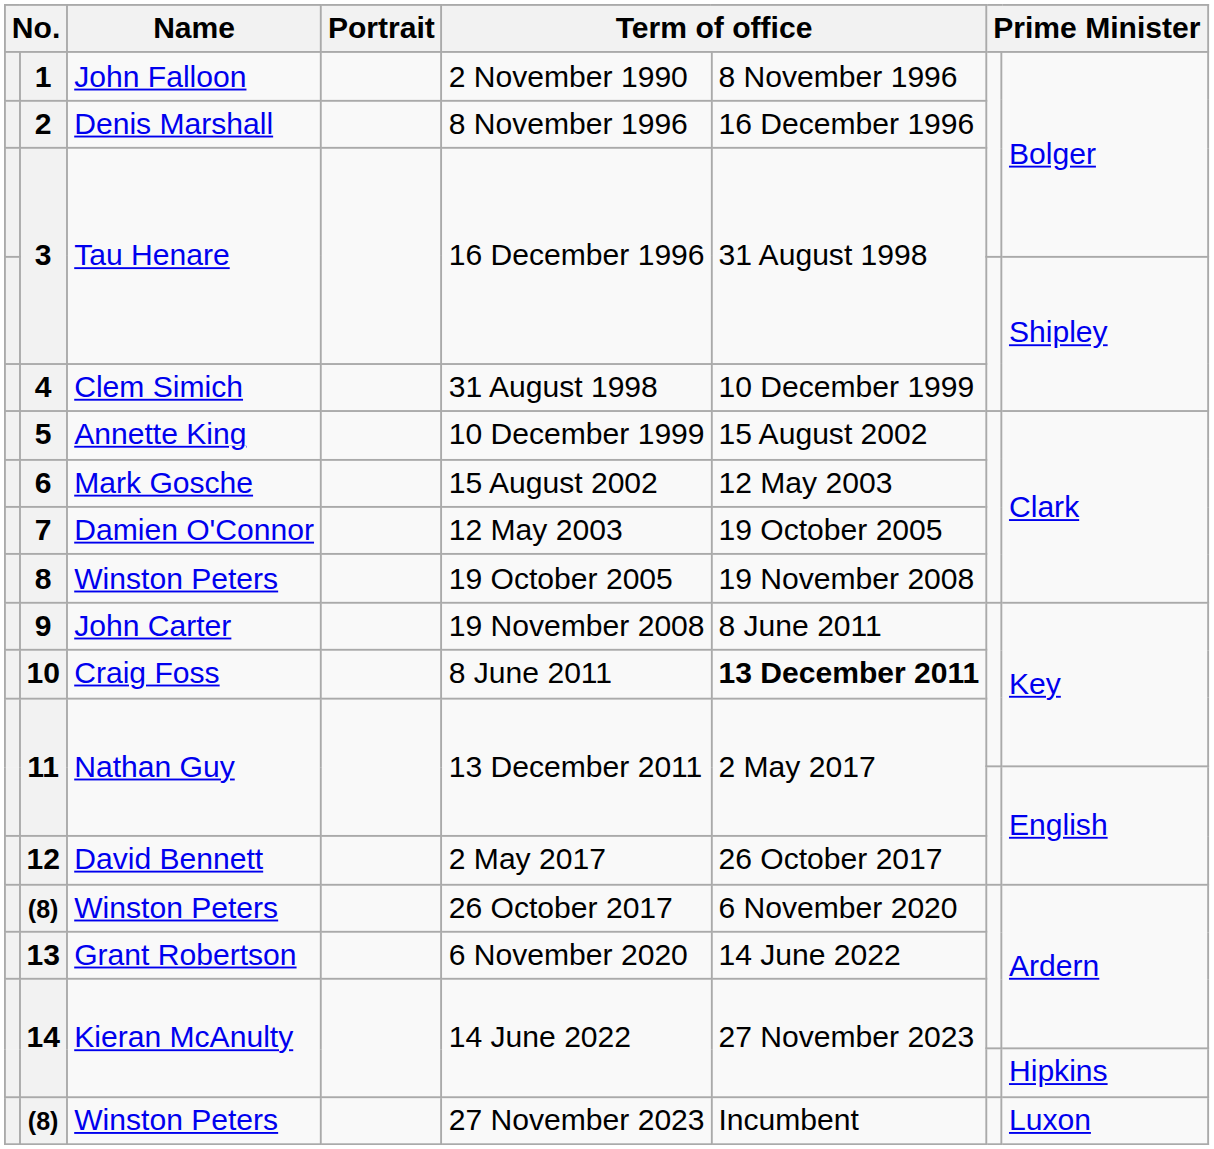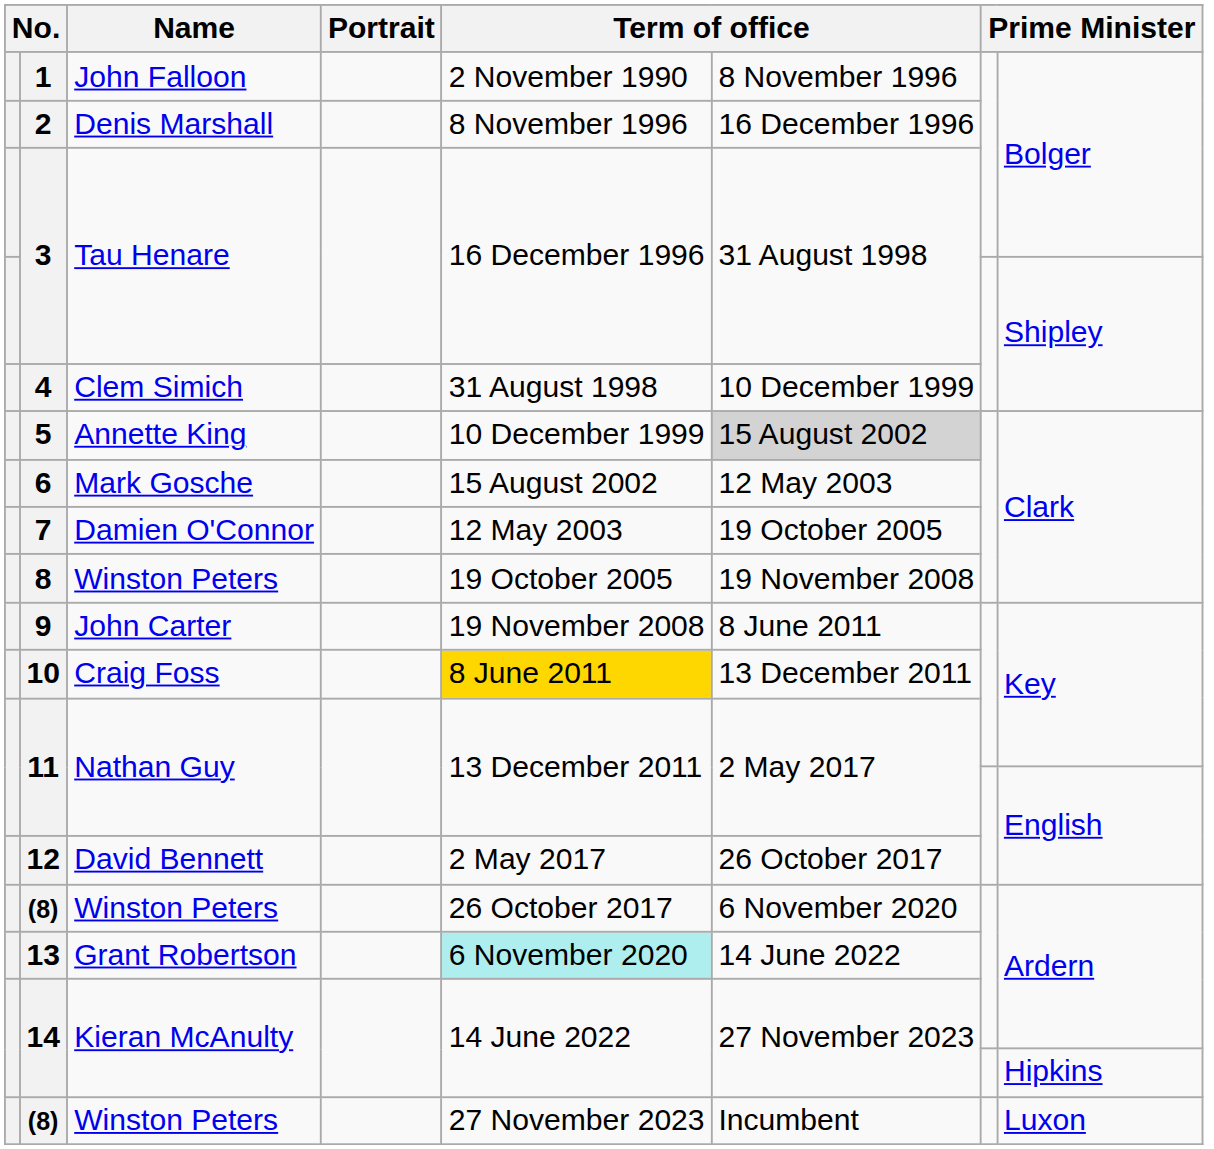 <table class="wikitable">
 <tr>
 <th colspan="2">No.</th>
 <th>Name</th>
 <th>Portrait</th>
 <th colspan="2">Term of office</th>
 <th colspan="2">Prime Minister</th>
 </tr>
 <tr>
 <th style="color:inherit;background:"></th>
 <th>1</th>
 <td><a href='#'>John Falloon</a></td>
 <td></td>
 <td>2 November 1990</td>
 <td>8 November 1996</td>
 <td width=1 rowspan=3 style="color:inherit;background:"></td>
 <td rowspan=3><a href='#'>Bolger</a></td>
 </tr>
 <tr>
 <th style="color:inherit;background:"></th>
 <th>2</th>
 <td><a href='#'>Denis Marshall</a></td>
 <td></td>
 <td>8 November 1996</td>
 <td>16 December 1996</td>
 </tr>
 <tr>
 <th height=50 style="color:inherit;background:"></th>
 <th rowspan=2>3</th>
 <td rowspan=2><a href='#'>Tau Henare</a></td>
 <td rowspan=2></td>
 <td rowspan=2>16 December 1996</td>
 <td rowspan=2>31 August 1998</td>
 </tr>
 <tr>
 <th height=50 style="color:inherit;background:"></th>
 <td rowspan=2 style="color:inherit;background:"></td>
 <td rowspan=2><a href='#'>Shipley</a></td>
 </tr>
 <tr>
 <th style="color:inherit;background:"></th>
 <th>4</th>
 <td><a href='#'>Clem Simich</a></td>
 <td></td>
 <td>31 August 1998</td>
 <td>10 December 1999</td>
 </tr>
 <tr>
 <th style="color:inherit;background:"></th>
 <th>5</th>
 <td><a href='#'>Annette King</a></td>
 <td></td>
 <td>10 December 1999</td>
-<td>15 August 2002</td>
+<td style="background: lightgrey;">15 August 2002</td>
 <td rowspan=4 style="color:inherit;background:"></td>
 <td rowspan=4><a href='#'>Clark</a></td>
 </tr>
 <tr>
 <th style="color:inherit;background:"></th>
 <th>6</th>
 <td><a href='#'>Mark Gosche</a></td>
 <td></td>
 <td>15 August 2002</td>
 <td>12 May 2003</td>
 </tr>
 <tr>
 <th style="color:inherit;background:"></th>
 <th>7</th>
 <td><a href='#'>Damien O'Connor</a></td>
 <td></td>
 <td>12 May 2003</td>
 <td>19 October 2005</td>
 </tr>
 <tr>
 <th style="color:inherit;background:"></th>
 <th>8</th>
 <td><a href='#'>Winston Peters</a></td>
 <td></td>
 <td>19 October 2005</td>
 <td>19 November 2008</td>
 </tr>
 <tr>
 <th style="color:inherit;background:"></th>
 <th>9</th>
 <td><a href='#'>John Carter</a></td>
 <td></td>
 <td>19 November 2008</td>
 <td>8 June 2011</td>
 <td rowspan="3" style="color:inherit;background:"></td>
 <td rowspan="3"><a href='#'>Key</a></td>
 </tr>
 <tr>
 <th style="color:inherit;background:"></th>
 <th>10</th>
 <td><a href='#'>Craig Foss</a></td>
 <td></td>
-<td>8 June 2011</td>
-<td><strong>13 December 2011</strong></td>
+<td style="background: gold;">8 June 2011</td>
+<td>13 December 2011</td>
 </tr>
 <tr>
 <th height=30 style="border-bottom:solid 0 grey; background:"></th>
 <th rowspan=2>11</th>
 <td rowspan=2><a href='#'>Nathan Guy</a></td>
 <td rowspan=2></td>
 <td rowspan=2>13 December 2011</td>
 <td rowspan=2>2 May 2017</td>
 </tr>
 <tr>
 <th height=30 style="border-top:solid 0 grey; background:"></th>
 <td rowspan=2 style="color:inherit;background:"></td>
 <td rowspan=2><a href='#'>English</a></td>
 </tr>
 <tr>
 <th style="color:inherit;background:"></th>
 <th>12</th>
 <td><a href='#'>David Bennett</a></td>
 <td></td>
 <td>2 May 2017</td>
 <td>26 October 2017</td>
 </tr>
 <tr>
 <th style="color:inherit;background:"></th>
 <th><small>(8)</small></th>
 <td><a href='#'>Winston Peters</a></td>
 <td></td>
 <td>26 October 2017</td>
 <td>6 November 2020</td>
 <td rowspan=3 style="color:inherit;background:"></td>
 <td rowspan=3><a href='#'>Ardern</a></td>
 </tr>
 <tr>
 <th style="color:inherit;background:"></th>
 <th>13</th>
 <td><a href='#'>Grant Robertson</a></td>
 <td></td>
-<td>6 November 2020</td>
+<td style="background: paleturquoise;">6 November 2020</td>
 <td>14 June 2022</td>
 </tr>
 <tr>
 <th height=30 style="border-bottom:solid 0 grey; background:"></th>
 <th rowspan="2">14</th>
 <td rowspan="2"><a href='#'>Kieran McAnulty</a></td>
 <td rowspan="2"></td>
 <td rowspan="2">14 June 2022</td>
 <td rowspan="2">27 November 2023</td>
 </tr>
 <tr>
 <th height=15 style="border-top:solid 0 grey; background:"></th>
 <td style="color:inherit;background:"></td>
 <td><a href='#'>Hipkins</a></td>
 </tr>
 <tr>
 <th style="color:inherit;background:"></th>
 <th><small>(8)</small></th>
 <td><a href='#'>Winston Peters</a></td>
 <td></td>
 <td>27 November 2023</td>
 <td>Incumbent</td>
 <td rowspan=3 style="color:inherit;background:"></td>
 <td rowspan=3><a href='#'>Luxon</a></td>
 </tr>
 </table>
